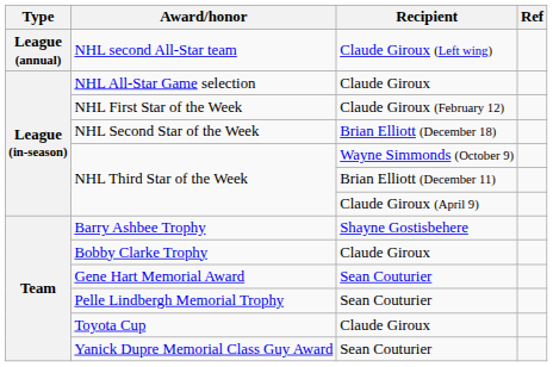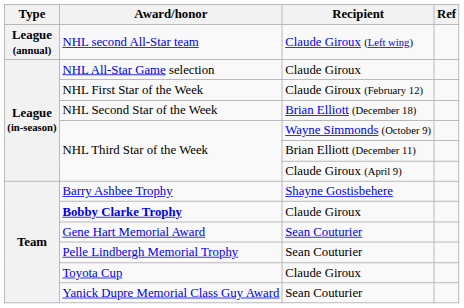 <table class="wikitable">
 <tr>
 <th scope="col">Type</th>
 <th scope="col">Award/honor</th>
 <th scope="col">Recipient</th>
 <th scope="col">Ref</th>
 </tr>
 <tr>
 <th scope="row">League<br><small>(annual)</small></th>
 <td><a href='#'>NHL second All-Star team</a></td>
 <td><a href='#'>Claude Giroux</a> <small>(<a href='#'>Left wing</a>)</small></td>
 <td></td>
 </tr>
 <tr>
 <th scope="row" rowspan="6">League<br><small>(in-season)</small></th>
 <td><a href='#'>NHL All-Star Game</a> selection</td>
 <td>Claude Giroux</td>
 <td></td>
 </tr>
 <tr>
 <td>NHL First Star of the Week</td>
 <td>Claude Giroux <small>(February 12)</small></td>
 <td></td>
 </tr>
 <tr>
 <td>NHL Second Star of the Week</td>
 <td><a href='#'>Brian Elliott</a> <small>(December 18)</small></td>
 <td></td>
 </tr>
 <tr>
 <td rowspan="3">NHL Third Star of the Week</td>
 <td><a href='#'>Wayne Simmonds</a> <small>(October 9)</small></td>
 <td></td>
 </tr>
 <tr>
 <td>Brian Elliott <small>(December 11)</small></td>
 <td></td>
 </tr>
 <tr>
 <td>Claude Giroux <small>(April 9)</small></td>
 <td></td>
 </tr>
 <tr>
 <th scope="row" rowspan="6">Team</th>
 <td><a href='#'>Barry Ashbee Trophy</a></td>
 <td><a href='#'>Shayne Gostisbehere</a></td>
 <td></td>
 </tr>
 <tr>
-<td><a href='#'>Bobby Clarke Trophy</a></td>
+<td><strong><a href='#'>Bobby Clarke Trophy</a></strong></td>
 <td>Claude Giroux</td>
 <td></td>
 </tr>
 <tr>
 <td><a href='#'>Gene Hart Memorial Award</a></td>
 <td><a href='#'>Sean Couturier</a></td>
 <td></td>
 </tr>
 <tr>
 <td><a href='#'>Pelle Lindbergh Memorial Trophy</a></td>
 <td>Sean Couturier</td>
 <td></td>
 </tr>
 <tr>
 <td><a href='#'>Toyota Cup</a></td>
 <td>Claude Giroux</td>
 <td></td>
 </tr>
 <tr>
 <td><a href='#'>Yanick Dupre Memorial Class Guy Award</a></td>
 <td>Sean Couturier</td>
 <td></td>
 </tr>
 </table>
